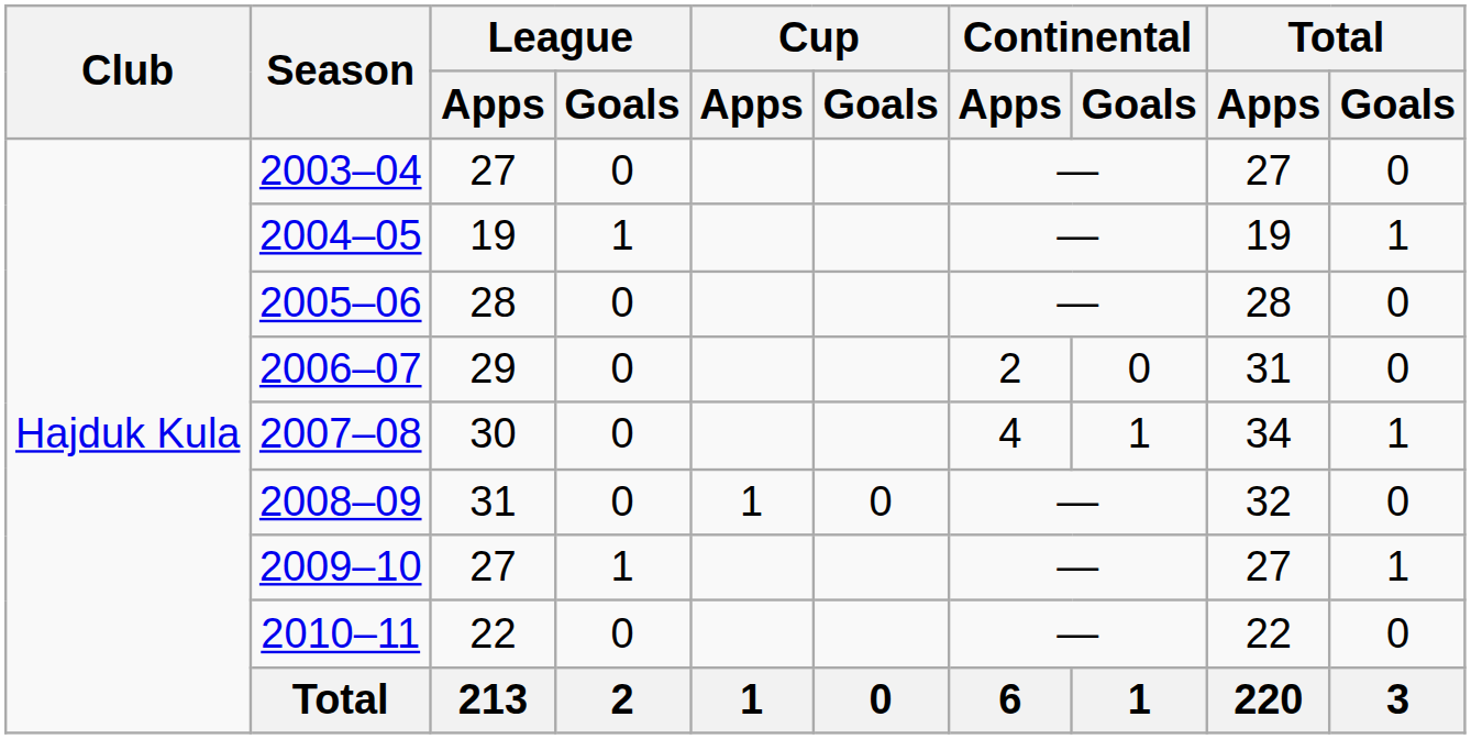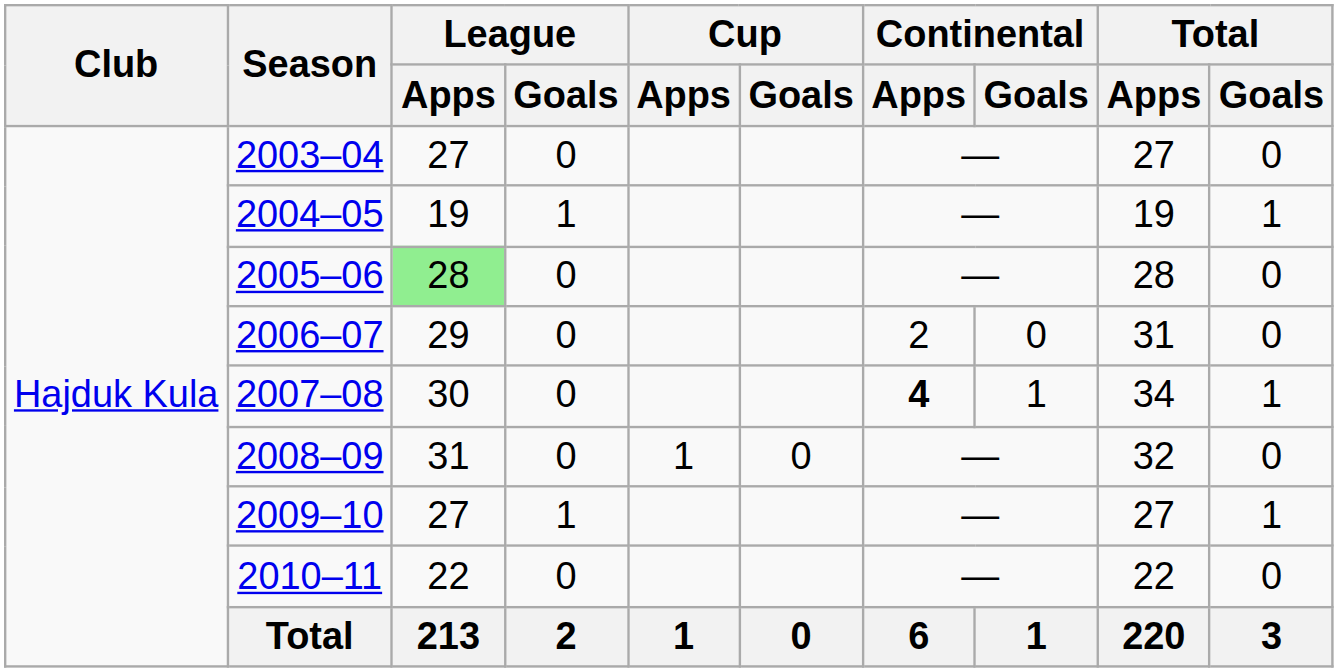 <table class="wikitable" style="text-align:center">
 <tr>
 <th rowspan="2">Club</th>
 <th rowspan="2">Season</th>
 <th colspan="2">League</th>
 <th colspan="2">Cup</th>
 <th colspan="2">Continental</th>
 <th colspan="2">Total</th>
 </tr>
 <tr>
 <th>Apps</th>
 <th>Goals</th>
 <th>Apps</th>
 <th>Goals</th>
 <th>Apps</th>
 <th>Goals</th>
 <th>Apps</th>
 <th>Goals</th>
 </tr>
 <tr>
 <td rowspan="9"><a href='#'>Hajduk Kula</a></td>
 <td><a href='#'>2003–04</a></td>
 <td>27</td>
 <td>0</td>
 <td></td>
 <td></td>
 <td colspan="2">—</td>
 <td>27</td>
 <td>0</td>
 </tr>
 <tr>
 <td><a href='#'>2004–05</a></td>
 <td>19</td>
 <td>1</td>
 <td></td>
 <td></td>
 <td colspan="2">—</td>
 <td>19</td>
 <td>1</td>
 </tr>
 <tr>
 <td><a href='#'>2005–06</a></td>
-<td>28</td>
+<td style="background: lightgreen;">28</td>
 <td>0</td>
 <td></td>
 <td></td>
 <td colspan="2">—</td>
 <td>28</td>
 <td>0</td>
 </tr>
 <tr>
 <td><a href='#'>2006–07</a></td>
 <td>29</td>
 <td>0</td>
 <td></td>
 <td></td>
 <td>2</td>
 <td>0</td>
 <td>31</td>
 <td>0</td>
 </tr>
 <tr>
 <td><a href='#'>2007–08</a></td>
 <td>30</td>
 <td>0</td>
 <td></td>
 <td></td>
-<td>4</td>
+<td><strong>4</strong></td>
 <td>1</td>
 <td>34</td>
 <td>1</td>
 </tr>
 <tr>
 <td><a href='#'>2008–09</a></td>
 <td>31</td>
 <td>0</td>
 <td>1</td>
 <td>0</td>
 <td colspan="2">—</td>
 <td>32</td>
 <td>0</td>
 </tr>
 <tr>
 <td><a href='#'>2009–10</a></td>
 <td>27</td>
 <td>1</td>
 <td></td>
 <td></td>
 <td colspan="2">—</td>
 <td>27</td>
 <td>1</td>
 </tr>
 <tr>
 <td><a href='#'>2010–11</a></td>
 <td>22</td>
 <td>0</td>
 <td></td>
 <td></td>
 <td colspan="2">—</td>
 <td>22</td>
 <td>0</td>
 </tr>
 <tr>
 <th>Total</th>
 <th>213</th>
 <th>2</th>
 <th>1</th>
 <th>0</th>
 <th>6</th>
 <th>1</th>
 <th>220</th>
 <th>3</th>
 </tr>
 </table>
